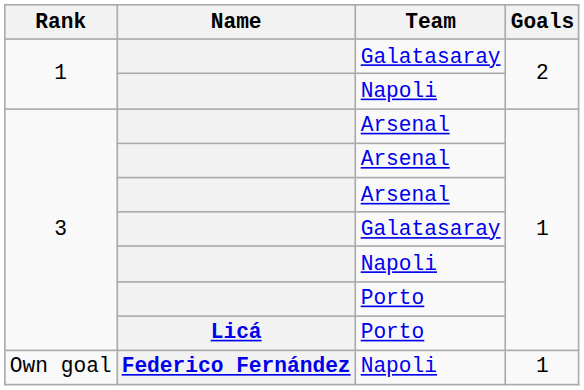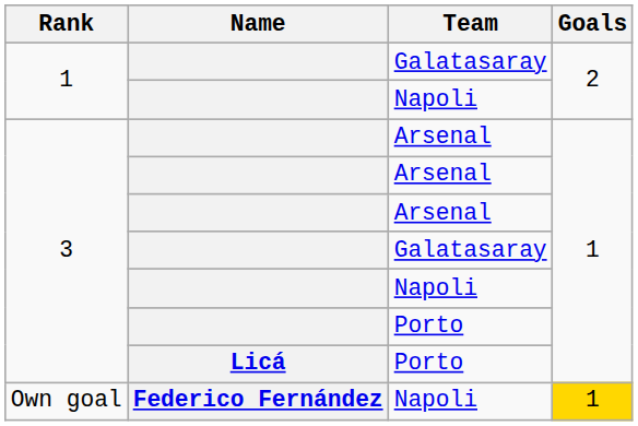 <table class="wikitable plainrowheaders sortable" cellpadding="3" style="text-align: center;">
 <tr>
 <th>Rank</th>
 <th>Name</th>
 <th>Team</th>
 <th>Goals</th>
 </tr>
 <tr>
 <td rowspan=2>1</td>
 <th scope=row> </th>
 <td align="left"><a href='#'>Galatasaray</a></td>
 <td rowspan=2>2</td>
 </tr>
 <tr>
 <th scope=row> </th>
 <td align="left"><a href='#'>Napoli</a></td>
 </tr>
 <tr>
 <td rowspan=7>3</td>
 <th scope=row> </th>
 <td align="left"><a href='#'>Arsenal</a></td>
 <td rowspan=7>1</td>
 </tr>
 <tr>
 <th scope=row> </th>
 <td align="left"><a href='#'>Arsenal</a></td>
 </tr>
 <tr>
 <th scope=row> </th>
 <td align="left"><a href='#'>Arsenal</a></td>
 </tr>
 <tr>
 <th scope=row> </th>
 <td align="left"><a href='#'>Galatasaray</a></td>
 </tr>
 <tr>
 <th scope=row> </th>
 <td align="left"><a href='#'>Napoli</a></td>
 </tr>
 <tr>
 <th scope=row> </th>
 <td align="left"><a href='#'>Porto</a></td>
 </tr>
 <tr>
 <th scope=row> <a href='#'>Licá</a></th>
 <td align="left"><a href='#'>Porto</a></td>
 </tr>
 <tr>
 <td>Own goal</td>
 <th scope=row> <a href='#'>Federico Fernández</a></th>
 <td align="left"><a href='#'>Napoli</a></td>
-<td>1</td>
+<td style="background: gold;">1</td>
 </tr>
 </table>
